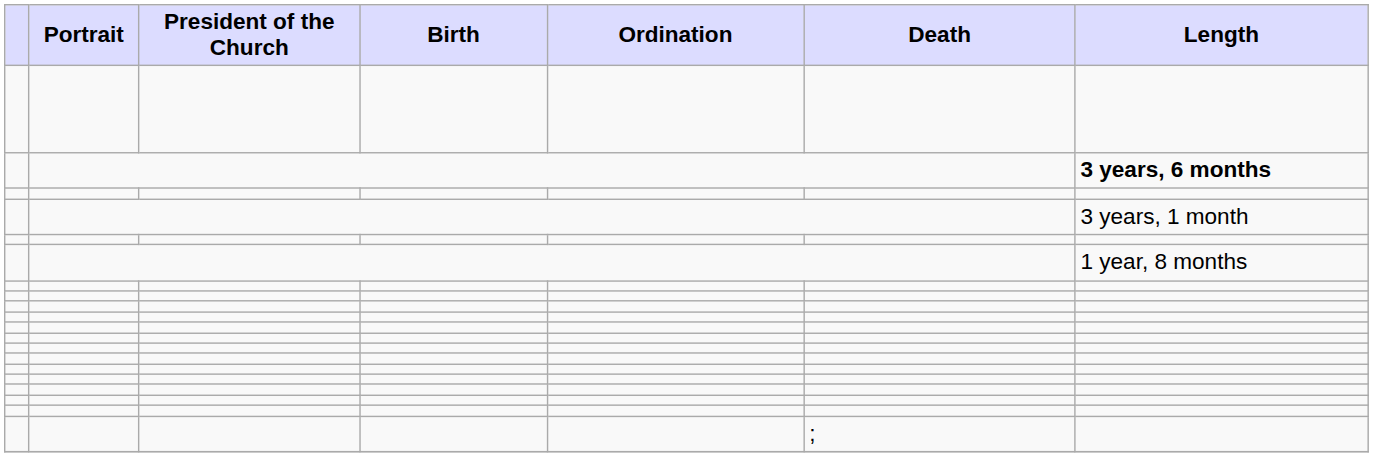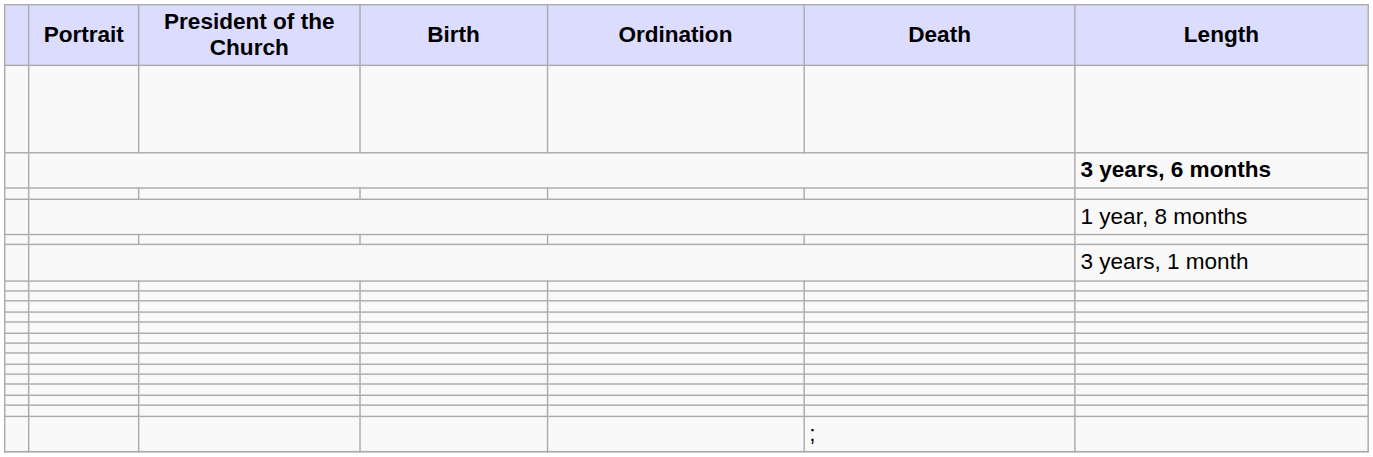 <table class="wikitable sortable">
 <tr>
 <th style="background:#DCDCFF; width:10px"></th>
 <th style="background:#DCDCFF; width:70px">Portrait</th>
 <th style="background:#DCDCFF; width:150px">President of the Church</th>
 <th style="background:#DCDCFF; width:125px">Birth</th>
 <th style="background:#DCDCFF; width:175px">Ordination</th>
 <th style="background:#DCDCFF; width:185px">Death</th>
 <th style="background:#DCDCFF; width:200px">Length</th>
 </tr>
 <tr>
 <td></td>
 <td></td>
 <td></td>
 <td></td>
 <td><br><br><br></td>
 <td></td>
 <td></td>
 </tr>
 <tr>
 <td></td>
 <td colspan="5"></td>
 <td><strong>3 years, 6 months</strong></td>
 </tr>
 <tr>
 <td></td>
 <td></td>
 <td></td>
 <td></td>
 <td></td>
 <td></td>
 <td></td>
 </tr>
 <tr>
 <td></td>
 <td colspan="5"></td>
-<td>3 years, 1 month</td>
+<td>1 year, 8 months</td>
 </tr>
 <tr>
 <td></td>
 <td></td>
 <td></td>
 <td></td>
 <td></td>
 <td></td>
 <td></td>
 </tr>
 <tr>
 <td></td>
 <td colspan="5"></td>
-<td>1 year, 8 months</td>
+<td>3 years, 1 month</td>
 </tr>
 <tr>
 <td></td>
 <td></td>
 <td></td>
 <td></td>
 <td></td>
 <td></td>
 <td></td>
 </tr>
 <tr>
 <td></td>
 <td></td>
 <td></td>
 <td></td>
 <td></td>
 <td></td>
 <td></td>
 </tr>
 <tr>
 <td></td>
 <td></td>
 <td></td>
 <td></td>
 <td></td>
 <td></td>
 <td></td>
 </tr>
 <tr>
 <td></td>
 <td></td>
 <td></td>
 <td></td>
 <td></td>
 <td></td>
 <td></td>
 </tr>
 <tr>
 <td></td>
 <td></td>
 <td></td>
 <td></td>
 <td></td>
 <td></td>
 <td></td>
 </tr>
 <tr>
 <td></td>
 <td></td>
 <td></td>
 <td></td>
 <td></td>
 <td></td>
 <td></td>
 </tr>
 <tr>
 <td></td>
 <td></td>
 <td></td>
 <td></td>
 <td></td>
 <td></td>
 <td></td>
 </tr>
 <tr>
 <td></td>
 <td></td>
 <td></td>
 <td></td>
 <td></td>
 <td></td>
 <td></td>
 </tr>
 <tr>
 <td></td>
 <td></td>
 <td></td>
 <td></td>
 <td></td>
 <td></td>
 <td></td>
 </tr>
 <tr>
 <td></td>
 <td></td>
 <td></td>
 <td></td>
 <td></td>
 <td></td>
 <td></td>
 </tr>
 <tr>
 <td></td>
 <td></td>
 <td></td>
 <td></td>
 <td></td>
 <td></td>
 <td></td>
 </tr>
 <tr>
 <td></td>
 <td></td>
 <td></td>
 <td></td>
 <td></td>
 <td></td>
 <td></td>
 </tr>
 <tr>
 <td></td>
 <td></td>
 <td></td>
 <td></td>
 <td></td>
 <td></td>
 <td></td>
 </tr>
 <tr>
 <td></td>
 <td></td>
 <td></td>
 <td></td>
 <td></td>
 <td>;<br></td>
 <td></td>
 </tr>
 <tr>
 </tr>
 </table>
